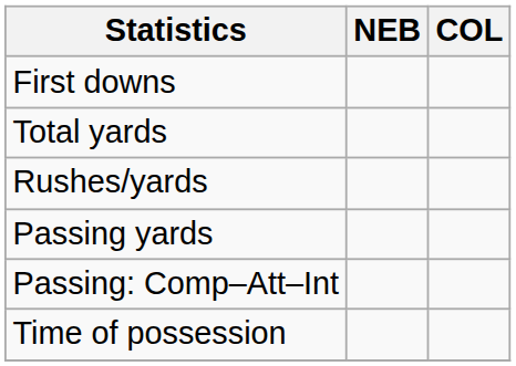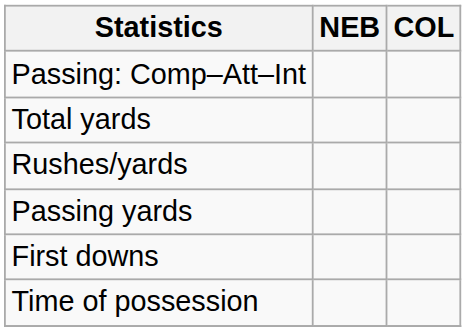 <table class="wikitable" style="float: left;">
 <tr>
 <th>Statistics</th>
 <th>NEB</th>
 <th>COL</th>
 </tr>
 <tr>
-<td>First downs</td>
+<td>Passing: Comp–Att–Int</td>
 <td></td>
 <td></td>
 </tr>
 <tr>
 <td>Total yards</td>
 <td></td>
 <td></td>
 </tr>
 <tr>
 <td>Rushes/yards</td>
 <td></td>
 <td></td>
 </tr>
 <tr>
 <td>Passing yards</td>
 <td></td>
 <td></td>
 </tr>
 <tr>
-<td>Passing: Comp–Att–Int</td>
+<td>First downs</td>
 <td></td>
 <td></td>
 </tr>
 <tr>
 <td>Time of possession</td>
 <td></td>
 <td></td>
 </tr>
 <tr>
 </tr>
 </table>
